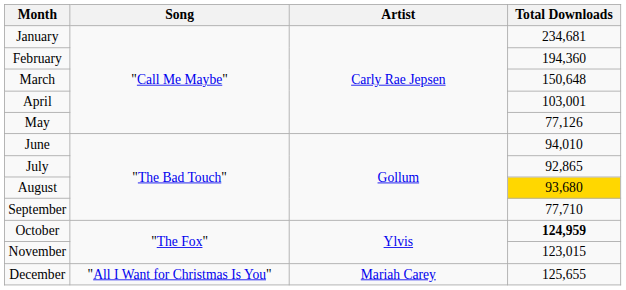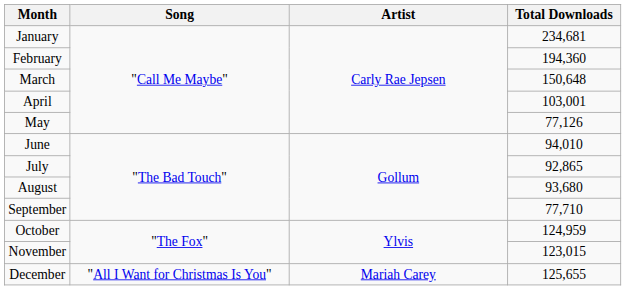 <table class="wikitable">
 <tr>
 <th width="70">Month</th>
 <th width="250">Song</th>
 <th width="250">Artist</th>
 <th width="125">Total Downloads</th>
 </tr>
 <tr>
 <td align="center">January</td>
 <td align="center" rowspan="5">"<a href='#'>Call Me Maybe</a>"</td>
 <td align="center" rowspan="5"><a href='#'>Carly Rae Jepsen</a></td>
 <td align="center">234,681</td>
 </tr>
 <tr>
 <td align="center">February</td>
 <td align="center">194,360</td>
 </tr>
 <tr>
 <td align="center">March</td>
 <td align="center">150,648</td>
 </tr>
 <tr>
 <td align="center">April</td>
 <td align="center">103,001</td>
 </tr>
 <tr>
 <td align="center">May</td>
 <td align="center">77,126</td>
 </tr>
 <tr>
 <td align="center">June</td>
 <td align="center" rowspan="4">"<a href='#'>The Bad Touch</a>"</td>
 <td align="center" rowspan="4"><a href='#'>Gollum</a></td>
 <td align="center">94,010</td>
 </tr>
 <tr>
 <td align="center">July</td>
 <td align="center">92,865</td>
 </tr>
 <tr>
 <td align="center">August</td>
-<td align="center" style="background: gold;">93,680</td>
+<td align="center">93,680</td>
 </tr>
 <tr>
 <td align="center">September</td>
 <td align="center">77,710</td>
 </tr>
 <tr>
 <td align="center">October</td>
 <td align="center" rowspan="2">"<a href='#'>The Fox</a>"</td>
 <td align="center" rowspan="2"><a href='#'>Ylvis</a></td>
-<td align="center"><strong>124,959</strong></td>
+<td align="center">124,959</td>
 </tr>
 <tr>
 <td align="center">November</td>
 <td align="center">123,015</td>
 </tr>
 <tr>
 <td align="center">December</td>
 <td align="center">"<a href='#'>All I Want for Christmas Is You</a>"</td>
 <td align="center"><a href='#'>Mariah Carey</a></td>
 <td align="center">125,655</td>
 </tr>
 </table>
